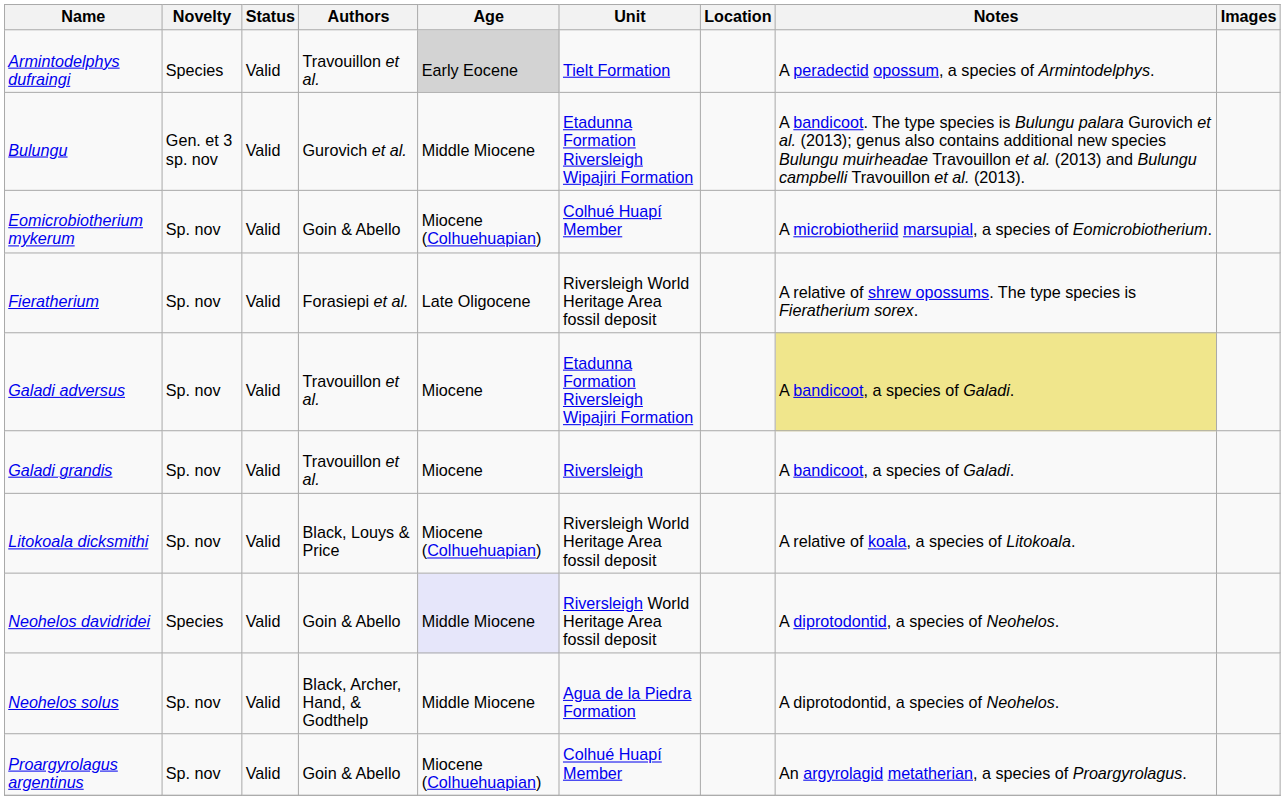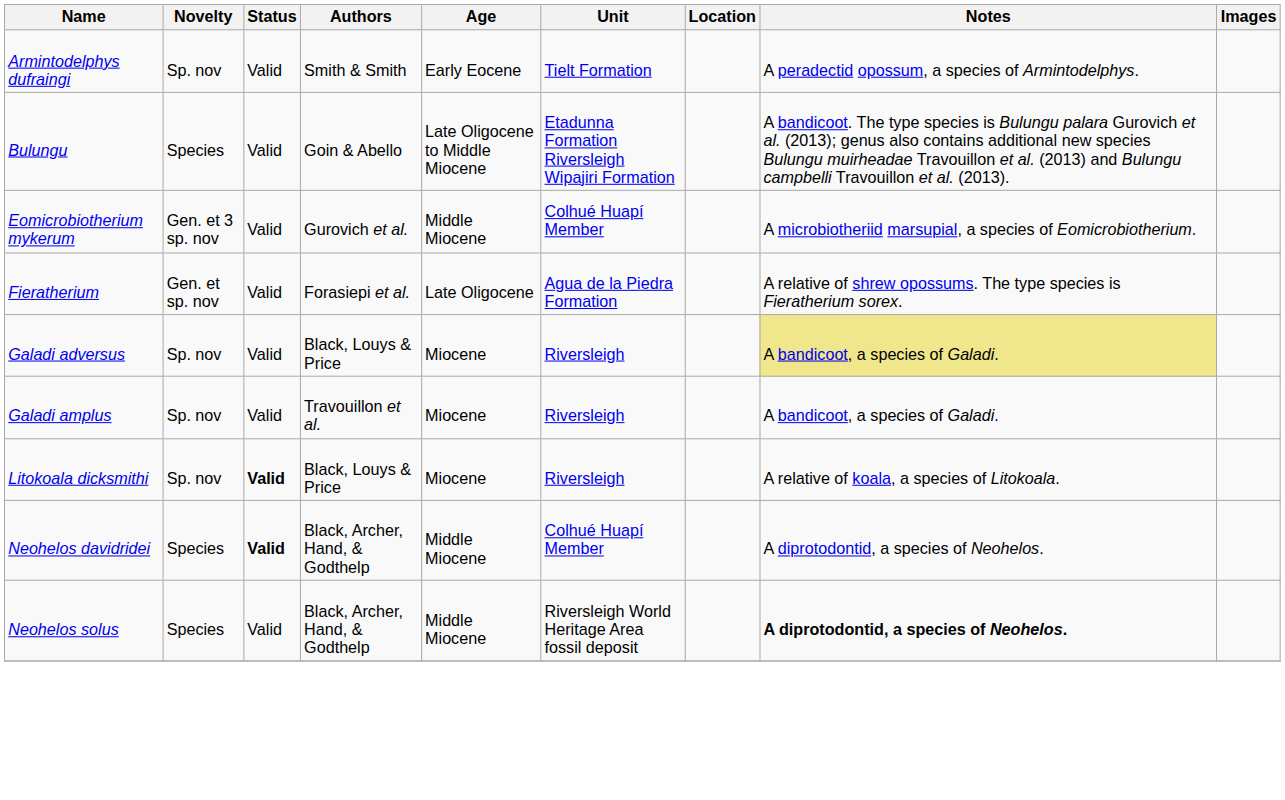 <table class="wikitable sortable" align="center" width="100%">
 <tr>
 <th>Name</th>
 <th>Novelty</th>
 <th>Status</th>
 <th>Authors</th>
 <th>Age</th>
 <th>Unit</th>
 <th>Location</th>
 <th>Notes</th>
 <th>Images</th>
 </tr>
 <tr>
 <td><br><em><a href='#'>Armintodelphys dufraingi</a></em></td>
-<td><br>Species</td>
+<td><br>Sp. nov</td>
 <td><br>Valid</td>
-<td><br>Travouillon <em>et al.</em></td>
-<td style="background: lightgrey;"><br>Early Eocene</td>
+<td><br>Smith & Smith</td>
+<td><br>Early Eocene</td>
 <td><br><a href='#'>Tielt Formation</a></td>
 <td><br></td>
 <td><br>A <a href='#'>peradectid</a> <a href='#'>opossum</a>, a species of <em>Armintodelphys</em>.</td>
 <td></td>
 </tr>
 <tr>
 <td><br><em><a href='#'>Bulungu</a></em></td>
-<td><br>Gen. et 3 sp. nov</td>
+<td><br>Species</td>
 <td><br>Valid</td>
-<td><br>Gurovich <em>et al.</em></td>
-<td><br>Middle Miocene</td>
+<td><br>Goin & Abello</td>
+<td><br>Late Oligocene to Middle Miocene</td>
 <td><br><a href='#'>Etadunna Formation</a><br> <a href='#'>Riversleigh</a><br> <a href='#'>Wipajiri Formation</a></td>
 <td><br></td>
 <td><br>A <a href='#'>bandicoot</a>. The type species is <em>Bulungu palara</em> Gurovich <em>et al.</em> (2013); genus also contains additional new species <em>Bulungu muirheadae</em> Travouillon <em>et al.</em> (2013) and <em>Bulungu campbelli</em> Travouillon <em>et al.</em> (2013).</td>
 <td></td>
 </tr>
 <tr>
 <td><br><em><a href='#'>Eomicrobiotherium mykerum</a></em></td>
-<td><br>Sp. nov</td>
+<td><br>Gen. et 3 sp. nov</td>
 <td><br>Valid</td>
-<td><br>Goin & Abello</td>
-<td><br>Miocene (<a href='#'>Colhuehuapian</a>)</td>
+<td><br>Gurovich <em>et al.</em></td>
+<td><br>Middle Miocene</td>
 <td><a href='#'>Colhué Huapí Member</a></td>
 <td><br></td>
 <td><br>A <a href='#'>microbiotheriid</a> <a href='#'>marsupial</a>, a species of <em>Eomicrobiotherium</em>.</td>
 <td></td>
 </tr>
 <tr>
 <td><br><em><a href='#'>Fieratherium</a></em></td>
-<td><br>Sp. nov</td>
+<td><br>Gen. et sp. nov</td>
 <td><br>Valid</td>
 <td><br>Forasiepi <em>et al.</em></td>
 <td><br>Late Oligocene</td>
-<td><br>Riversleigh World Heritage Area fossil deposit</td>
+<td><br><a href='#'>Agua de la Piedra Formation</a></td>
 <td><br></td>
 <td><br>A relative of <a href='#'>shrew opossums</a>. The type species is <em>Fieratherium sorex</em>.</td>
 <td></td>
 </tr>
 <tr>
 <td><br><em><a href='#'>Galadi adversus</a></em></td>
 <td><br>Sp. nov</td>
 <td><br>Valid</td>
-<td><br>Travouillon <em>et al.</em></td>
+<td><br>Black, Louys & Price</td>
 <td><br>Miocene</td>
-<td><br><a href='#'>Etadunna Formation</a><br> <a href='#'>Riversleigh</a><br> <a href='#'>Wipajiri Formation</a></td>
+<td><br><a href='#'>Riversleigh</a></td>
 <td><br></td>
 <td style="background: khaki;"><br>A <a href='#'>bandicoot</a>, a species of <em>Galadi</em>.</td>
 <td></td>
 </tr>
 <tr>
-<td><br><em><a href='#'>Galadi grandis</a></em></td>
+<td><br><em><a href='#'>Galadi amplus</a></em></td>
 <td><br>Sp. nov</td>
 <td><br>Valid</td>
 <td><br>Travouillon <em>et al.</em></td>
 <td><br>Miocene</td>
 <td><br><a href='#'>Riversleigh</a></td>
 <td><br></td>
 <td><br>A <a href='#'>bandicoot</a>, a species of <em>Galadi</em>.</td>
 <td></td>
 </tr>
 <tr>
 <td><br><em><a href='#'>Litokoala dicksmithi</a></em></td>
 <td><br>Sp. nov</td>
-<td><br>Valid</td>
+<td><strong><br>Valid</strong></td>
 <td><br>Black, Louys & Price</td>
-<td><br>Miocene (<a href='#'>Colhuehuapian</a>)</td>
-<td><br>Riversleigh World Heritage Area fossil deposit</td>
+<td><br>Miocene</td>
+<td><br><a href='#'>Riversleigh</a></td>
 <td><br></td>
 <td><br>A relative of <a href='#'>koala</a>, a species of <em>Litokoala</em>.</td>
 <td></td>
 </tr>
 <tr>
 <td><br><em><a href='#'>Neohelos davidridei</a></em></td>
 <td><br>Species</td>
-<td><br>Valid</td>
-<td><br>Goin & Abello</td>
-<td style="background: lavender;"><br>Middle Miocene</td>
-<td><br><a href='#'>Riversleigh</a> World Heritage Area fossil deposit</td>
+<td><strong><br>Valid</strong></td>
+<td><br>Black, Archer, Hand, & Godthelp</td>
+<td><br>Middle Miocene</td>
+<td><a href='#'>Colhué Huapí Member</a></td>
 <td><br></td>
 <td><br>A <a href='#'>diprotodontid</a>, a species of <em>Neohelos</em>.</td>
 <td></td>
 </tr>
 <tr>
 <td><br><em><a href='#'>Neohelos solus</a></em></td>
-<td><br>Sp. nov</td>
+<td><br>Species</td>
 <td><br>Valid</td>
 <td><br>Black, Archer, Hand, & Godthelp</td>
 <td><br>Middle Miocene</td>
-<td><br><a href='#'>Agua de la Piedra Formation</a></td>
+<td><br>Riversleigh World Heritage Area fossil deposit</td>
 <td><br></td>
-<td><br>A diprotodontid, a species of <em>Neohelos</em>.</td>
-<td></td>
-</tr>
-<tr>
-<td><br><em><a href='#'>Proargyrolagus argentinus</a></em></td>
-<td><br>Sp. nov</td>
-<td><br>Valid</td>
-<td><br>Goin & Abello</td>
-<td><br>Miocene (<a href='#'>Colhuehuapian</a>)</td>
-<td><a href='#'>Colhué Huapí Member</a></td>
-<td><br></td>
-<td><br>An <a href='#'>argyrolagid</a> <a href='#'>metatherian</a>, a species of <em>Proargyrolagus</em>.</td>
+<td><strong><br>A diprotodontid, a species of <em>Neohelos</em>.</strong></td>
 <td></td>
 </tr>
 <tr>
 </tr>
 </table>
